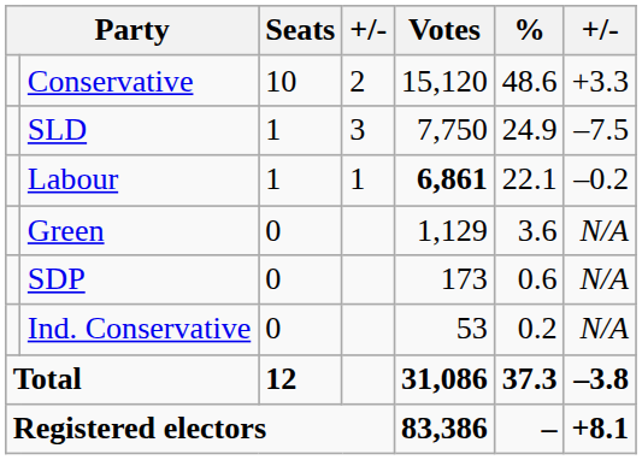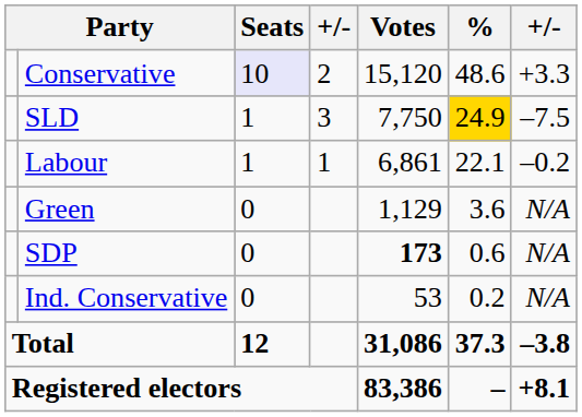 <table class="wikitable sortable">
 <tr>
 <th colspan="2">Party</th>
 <th>Seats</th>
 <th>+/-</th>
 <th>Votes</th>
 <th>%</th>
 <th>+/-</th>
 </tr>
 <tr>
 <td style="background-color: "></td>
 <td><a href='#'>Conservative</a></td>
-<td>10</td>
+<td style="background: lavender;">10</td>
 <td> 2</td>
 <td style="text-align:right;">15,120</td>
 <td style="text-align:right;">48.6</td>
 <td style="text-align:right;">+3.3</td>
 </tr>
 <tr>
 <td style="background-color: "></td>
 <td><a href='#'>SLD</a></td>
 <td>1</td>
 <td> 3</td>
 <td style="text-align:right;">7,750</td>
-<td style="text-align:right;">24.9</td>
+<td style="background: gold; text-align:right;">24.9</td>
 <td style="text-align:right;">–7.5</td>
 </tr>
 <tr>
 <td style="background-color: "></td>
 <td><a href='#'>Labour</a></td>
 <td>1</td>
 <td> 1</td>
-<td style="text-align:right;"><strong>6,861</strong></td>
+<td style="text-align:right;">6,861</td>
 <td style="text-align:right;">22.1</td>
 <td style="text-align:right;">–0.2</td>
 </tr>
 <tr>
 <td style="background-color: "></td>
 <td><a href='#'>Green</a></td>
 <td>0</td>
 <td></td>
 <td style="text-align:right;">1,129</td>
 <td style="text-align:right;">3.6</td>
 <td style="text-align:right;"><em>N/A</em></td>
 </tr>
 <tr>
 <td style="background-color: "></td>
 <td><a href='#'>SDP</a></td>
 <td>0</td>
 <td></td>
-<td style="text-align:right;">173</td>
+<td style="text-align:right;"><strong>173</strong></td>
 <td style="text-align:right;">0.6</td>
 <td style="text-align:right;"><em>N/A</em></td>
 </tr>
 <tr>
 <td style="background-color: "></td>
 <td><a href='#'>Ind. Conservative</a></td>
 <td>0</td>
 <td></td>
 <td style="text-align:right;">53</td>
 <td style="text-align:right;">0.2</td>
 <td style="text-align:right;"><em>N/A</em></td>
 </tr>
 <tr>
 <td colspan="2"><strong>Total</strong></td>
 <td><strong>12</strong></td>
 <td></td>
 <td style="text-align:right;"><strong>31,086</strong></td>
 <td style="text-align:right;"><strong>37.3</strong></td>
 <td style="text-align:right;"><strong>–3.8</strong></td>
 </tr>
 <tr>
 <td colspan="4"><strong>Registered electors</strong></td>
 <td style="text-align:right;"><strong>83,386</strong></td>
 <td style="text-align:right;"><strong>–</strong></td>
 <td style="text-align:right;"><strong>+8.1</strong></td>
 </tr>
 </table>
